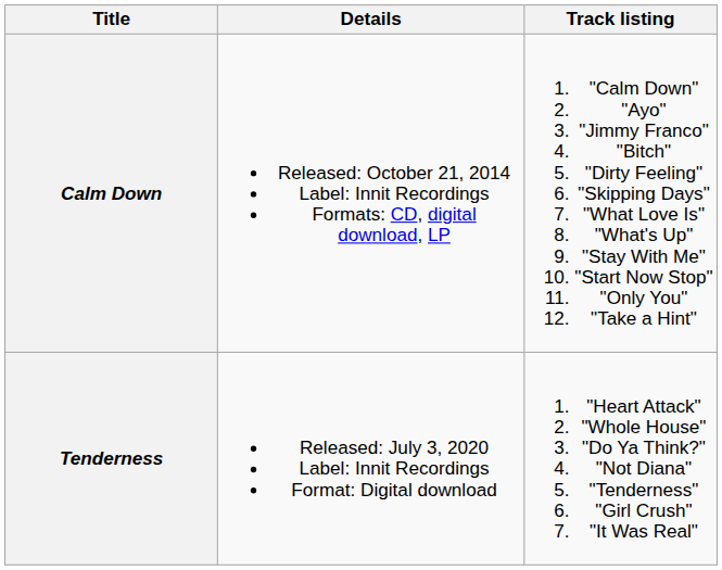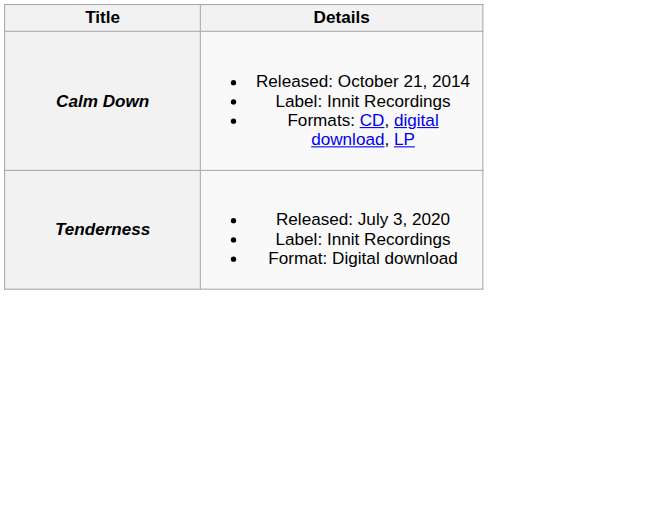 <table class="wikitable plainrowheaders" style="text-align:center;">
 <tr>
 <th scope="col" style="width:11em;">Title</th>
 <th scope="col" style="width:16em;">Details</th>
-<th scope="col">Track listing</th>
 </tr>
 <tr>
 <th scope="row"><em>Calm Down</em></th>
 <td><br><ul><li>Released: October 21, 2014</li><li>Label: Innit Recordings</li><li>Formats: <a href='#'>CD</a>, <a href='#'>digital download</a>, <a href='#'>LP</a></li></ul></td>
-<td><br><ol><li>"Calm Down"</li><li>"Ayo"</li><li>"Jimmy Franco"</li><li>"Bitch"</li><li>"Dirty Feeling"</li><li>"Skipping Days"</li><li>"What Love Is"</li><li>"What's Up"</li><li>"Stay With Me"</li><li>"Start Now Stop"</li><li>"Only You"</li><li>"Take a Hint"</li></ol></td>
 </tr>
 <tr>
 <th scope="row"><em>Tenderness</em></th>
 <td><br><ul><li>Released: July 3, 2020</li><li>Label: Innit Recordings</li><li>Format: Digital download</li></ul></td>
-<td><br><ol><li>"Heart Attack"</li><li>"Whole House"</li><li>"Do Ya Think?"</li><li>"Not Diana"</li><li>"Tenderness"</li><li>"Girl Crush"</li><li>"It Was Real"</li></ol></td>
 </tr>
 </table>
